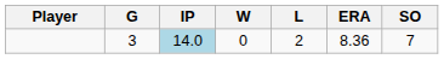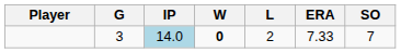 <table class="wikitable sortable">
 <tr>
 <th bgcolor="#DDDDFF" width="16%">Player</th>
 <th bgcolor="#DDDDFF" width="9%">G</th>
 <th bgcolor="#DDDDFF" width="9%">IP</th>
 <th bgcolor="#DDDDFF" width="9%">W</th>
 <th bgcolor="#DDDDFF" width="9%">L</th>
 <th bgcolor="#DDDDFF" width="9%">ERA</th>
 <th bgcolor="#DDDDFF" width="9%">SO</th>
 </tr>
 <tr align="center">
 <td></td>
 <td>3</td>
 <td style="background: lightblue;">14.0</td>
-<td>0</td>
+<td><strong>0</strong></td>
 <td>2</td>
-<td>8.36</td>
+<td>7.33</td>
 <td>7</td>
 </tr>
 </table>
